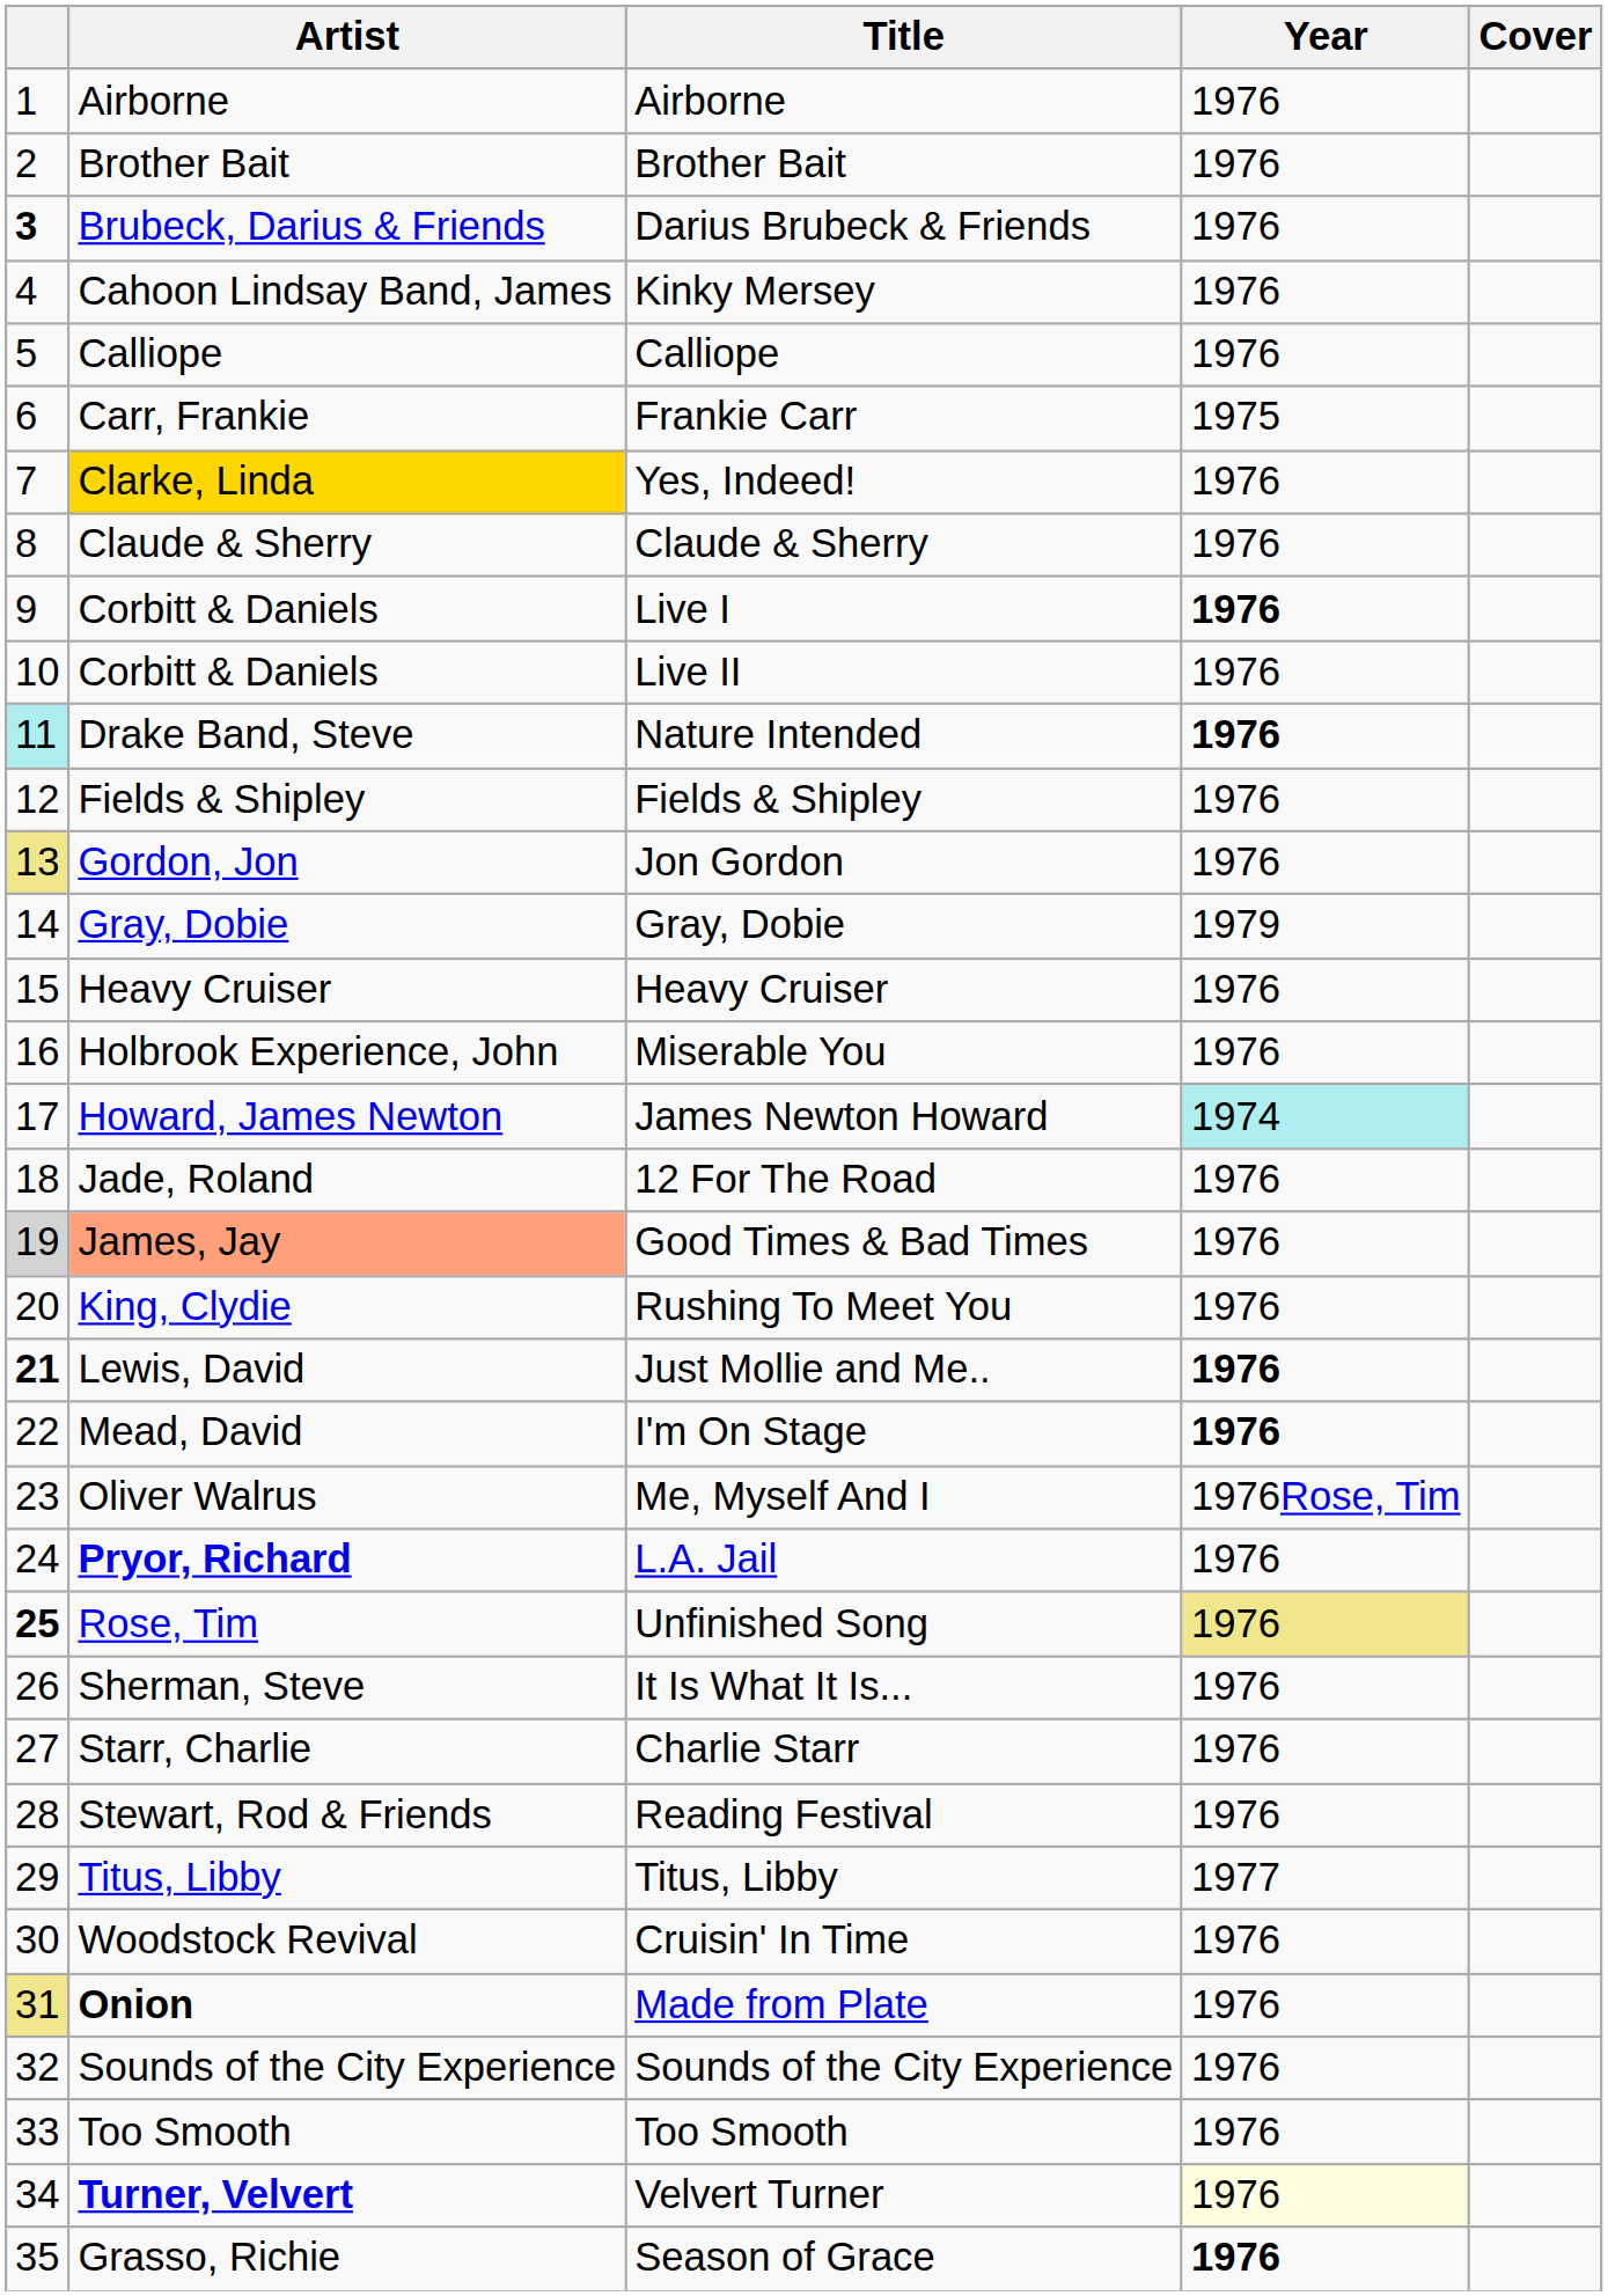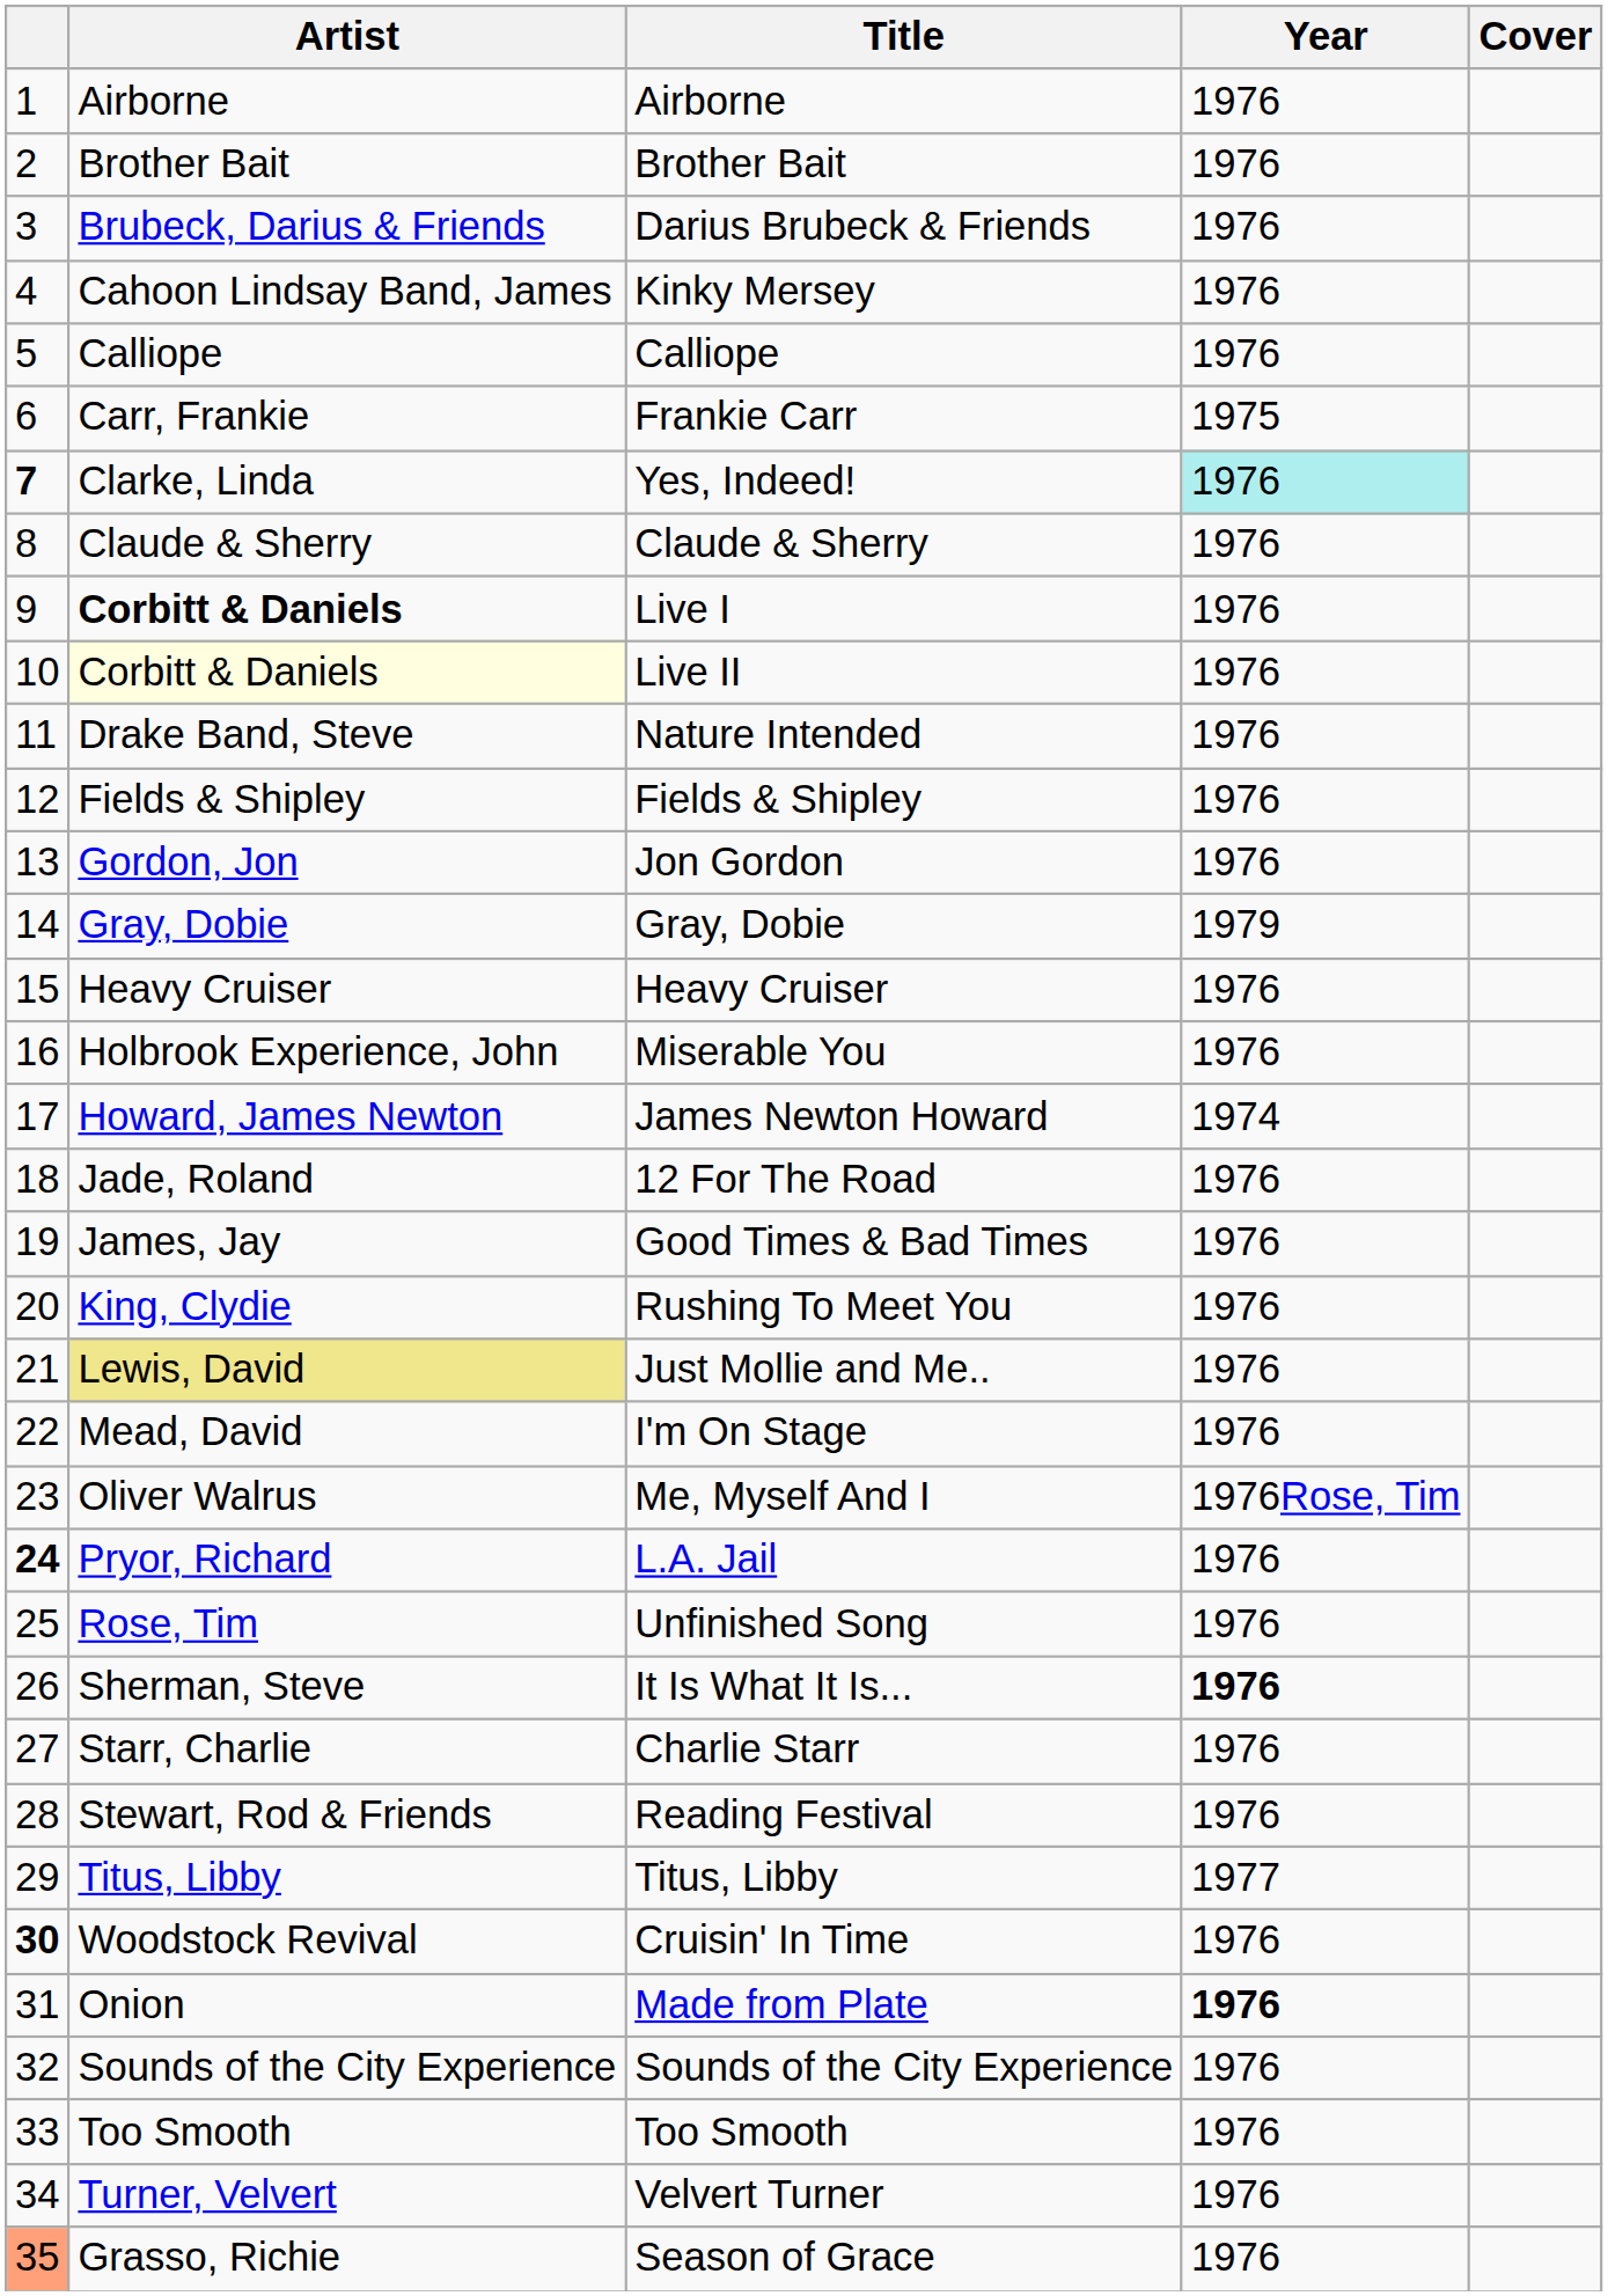 <table class="wikitable">
 <tr>
 <th></th>
 <th>Artist</th>
 <th>Title</th>
 <th>Year</th>
 <th>Cover</th>
 </tr>
 <tr>
 <td>1</td>
 <td>Airborne</td>
 <td>Airborne</td>
 <td>1976</td>
 <td></td>
 </tr>
 <tr>
 <td>2</td>
 <td>Brother Bait</td>
 <td>Brother Bait</td>
 <td>1976</td>
 <td></td>
 </tr>
 <tr>
-<td><strong>3</strong></td>
+<td>3</td>
 <td><a href='#'>Brubeck, Darius & Friends</a></td>
 <td>Darius Brubeck & Friends</td>
 <td>1976</td>
 <td></td>
 </tr>
 <tr>
 <td>4</td>
 <td>Cahoon Lindsay Band, James</td>
 <td>Kinky Mersey</td>
 <td>1976</td>
 <td></td>
 </tr>
 <tr>
 <td>5</td>
 <td>Calliope</td>
 <td>Calliope</td>
 <td>1976</td>
 <td></td>
 </tr>
 <tr>
 <td>6</td>
 <td>Carr, Frankie</td>
 <td>Frankie Carr</td>
 <td>1975</td>
 <td></td>
 </tr>
 <tr>
-<td>7</td>
-<td style="background: gold;">Clarke, Linda</td>
+<td><strong>7</strong></td>
+<td>Clarke, Linda</td>
 <td>Yes, Indeed!</td>
-<td>1976</td>
+<td style="background: paleturquoise;">1976</td>
 <td></td>
 </tr>
 <tr>
 <td>8</td>
 <td>Claude & Sherry</td>
 <td>Claude & Sherry</td>
 <td>1976</td>
 <td></td>
 </tr>
 <tr>
 <td>9</td>
-<td>Corbitt & Daniels</td>
+<td><strong>Corbitt & Daniels</strong></td>
 <td>Live I</td>
-<td><strong>1976</strong></td>
+<td>1976</td>
 <td></td>
 </tr>
 <tr>
 <td>10</td>
-<td>Corbitt & Daniels</td>
+<td style="background: lightyellow;">Corbitt & Daniels</td>
 <td>Live II</td>
 <td>1976</td>
 <td></td>
 </tr>
 <tr>
-<td style="background: paleturquoise;">11</td>
+<td>11</td>
 <td>Drake Band, Steve</td>
 <td>Nature Intended</td>
-<td><strong>1976</strong></td>
+<td>1976</td>
 <td></td>
 </tr>
 <tr>
 <td>12</td>
 <td>Fields & Shipley</td>
 <td>Fields & Shipley</td>
 <td>1976</td>
 <td></td>
 </tr>
 <tr>
-<td style="background: khaki;">13</td>
+<td>13</td>
 <td><a href='#'>Gordon, Jon</a></td>
 <td>Jon Gordon</td>
 <td>1976</td>
 <td></td>
 </tr>
 <tr>
 <td>14</td>
 <td><a href='#'>Gray, Dobie</a></td>
 <td>Gray, Dobie</td>
 <td>1979</td>
 <td></td>
 </tr>
 <tr>
 <td>15</td>
 <td>Heavy Cruiser</td>
 <td>Heavy Cruiser</td>
 <td>1976</td>
 <td></td>
 </tr>
 <tr>
 <td>16</td>
 <td>Holbrook Experience, John</td>
 <td>Miserable You</td>
 <td>1976</td>
 <td></td>
 </tr>
 <tr>
 <td>17</td>
 <td><a href='#'>Howard, James Newton</a></td>
 <td>James Newton Howard</td>
-<td style="background: paleturquoise;">1974</td>
+<td>1974</td>
 <td></td>
 </tr>
 <tr>
 <td>18</td>
 <td>Jade, Roland</td>
 <td>12 For The Road</td>
 <td>1976</td>
 <td></td>
 </tr>
 <tr>
-<td style="background: lightgrey;">19</td>
-<td style="background: lightsalmon;">James, Jay</td>
+<td>19</td>
+<td>James, Jay</td>
 <td>Good Times & Bad Times</td>
 <td>1976</td>
 <td></td>
 </tr>
 <tr>
 <td>20</td>
 <td><a href='#'>King, Clydie</a></td>
 <td>Rushing To Meet You</td>
 <td>1976</td>
 <td></td>
 </tr>
 <tr>
-<td><strong>21</strong></td>
-<td>Lewis, David</td>
+<td>21</td>
+<td style="background: khaki;">Lewis, David</td>
 <td>Just Mollie and Me..</td>
-<td><strong>1976</strong></td>
+<td>1976</td>
 <td></td>
 </tr>
 <tr>
 <td>22</td>
 <td>Mead, David</td>
 <td>I'm On Stage</td>
-<td><strong>1976</strong></td>
+<td>1976</td>
 <td></td>
 </tr>
 <tr>
 <td>23</td>
 <td>Oliver Walrus</td>
 <td>Me, Myself And I</td>
 <td>1976<a href='#'>Rose, Tim</a></td>
 <td></td>
 </tr>
 <tr>
-<td>24</td>
-<td><strong><a href='#'>Pryor, Richard</a></strong></td>
+<td><strong>24</strong></td>
+<td><a href='#'>Pryor, Richard</a></td>
 <td><a href='#'>L.A. Jail</a></td>
 <td>1976</td>
 <td></td>
 </tr>
 <tr>
-<td><strong>25</strong></td>
+<td>25</td>
 <td><a href='#'>Rose, Tim</a></td>
 <td>Unfinished Song</td>
-<td style="background: khaki;">1976</td>
+<td>1976</td>
 <td></td>
 </tr>
 <tr>
 <td>26</td>
 <td>Sherman, Steve</td>
 <td>It Is What It Is...</td>
-<td>1976</td>
+<td><strong>1976</strong></td>
 <td></td>
 </tr>
 <tr>
 <td>27</td>
 <td>Starr, Charlie</td>
 <td>Charlie Starr</td>
 <td>1976</td>
 <td></td>
 </tr>
 <tr>
 <td>28</td>
 <td>Stewart, Rod & Friends</td>
 <td>Reading Festival</td>
 <td>1976</td>
 <td></td>
 </tr>
 <tr>
 <td>29</td>
 <td><a href='#'>Titus, Libby</a></td>
 <td>Titus, Libby</td>
 <td>1977</td>
 <td></td>
 </tr>
 <tr>
-<td>30</td>
+<td><strong>30</strong></td>
 <td>Woodstock Revival</td>
 <td>Cruisin' In Time</td>
 <td>1976</td>
 <td></td>
 </tr>
 <tr>
-<td style="background: khaki;">31</td>
-<td><strong>Onion</strong></td>
+<td>31</td>
+<td>Onion</td>
 <td><a href='#'>Made from Plate</a></td>
-<td>1976</td>
+<td><strong>1976</strong></td>
 <td></td>
 </tr>
 <tr>
 <td>32</td>
 <td>Sounds of the City Experience</td>
 <td>Sounds of the City Experience</td>
 <td>1976</td>
 <td></td>
 </tr>
 <tr>
 <td>33</td>
 <td>Too Smooth</td>
 <td>Too Smooth</td>
 <td>1976</td>
 <td></td>
 </tr>
 <tr>
 <td>34</td>
-<td><strong><a href='#'>Turner, Velvert</a></strong></td>
+<td><a href='#'>Turner, Velvert</a></td>
 <td>Velvert Turner</td>
-<td style="background: lightyellow;">1976</td>
+<td>1976</td>
 </tr>
 <tr>
-<td>35</td>
+<td style="background: lightsalmon;">35</td>
 <td>Grasso, Richie</td>
 <td>Season of Grace</td>
-<td><strong>1976</strong></td>
+<td>1976</td>
 <td></td>
 </tr>
 </table>
